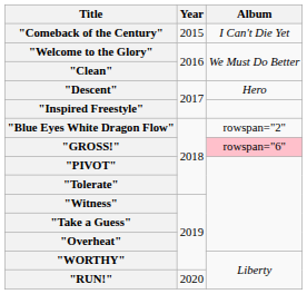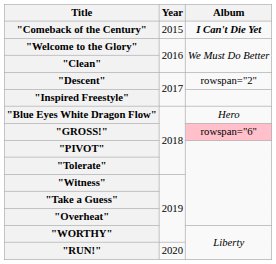 <table class="wikitable plainrowheaders" style="text-align:center;">
 <tr>
 <th scope="col">Title</th>
 <th scope="col">Year</th>
 <th scope="col">Album</th>
 </tr>
 <tr>
 <th scope="row">"Comeback of the Century"</th>
 <td>2015</td>
-<td><em>I Can't Die Yet</em></td>
+<td><strong><em>I Can't Die Yet</em></strong></td>
 </tr>
 <tr>
 <th scope="row">"Welcome to the Glory"</th>
 <td rowspan="2">2016</td>
 <td rowspan="2"><em>We Must Do Better</em></td>
 </tr>
 <tr>
 <th scope="row">"Clean"</th>
 </tr>
 <tr>
 <th scope="row">"Descent"</th>
 <td rowspan="2">2017</td>
-<td><em>Hero</em></td>
+<td>rowspan="2" </td>
 </tr>
 <tr>
 <th scope="row">"Inspired Freestyle"</th>
 </tr>
 <tr>
 <th scope="row">"Blue Eyes White Dragon Flow"</th>
 <td rowspan="4">2018</td>
-<td>rowspan="2" </td>
+<td><em>Hero</em></td>
 </tr>
 <tr>
 <th scope="row">"GROSS!"</th>
 <td style="background: pink;">rowspan="6" </td>
 </tr>
 <tr>
 <th scope="row">"PIVOT"</th>
 </tr>
 <tr>
 <th scope="row">"Tolerate"</th>
 </tr>
 <tr>
 <th scope="row">"Witness"</th>
 <td rowspan="4">2019</td>
 </tr>
 <tr>
 <th scope="row">"Take a Guess"</th>
 </tr>
 <tr>
 <th scope="row">"Overheat"</th>
 </tr>
 <tr>
 <th scope="row">"WORTHY"</th>
 <td rowspan="2"><em>Liberty</em></td>
 </tr>
 <tr>
 <th scope="row">"RUN!"</th>
 <td>2020</td>
 </tr>
 </table>
